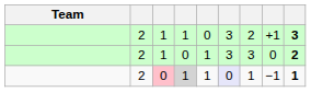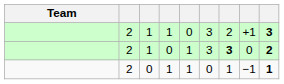 <table class="wikitable" style="text-align:center;">
 <tr>
 <th width=150>Team</th>
 <th width=20></th>
 <th width=20></th>
 <th width=20></th>
 <th width=20></th>
 <th width=20></th>
 <th width=20></th>
 <th width=20></th>
 <th width=20></th>
 </tr>
 <tr bgcolor="#ccffcc">
 <td align=left></td>
 <td>2</td>
 <td>1</td>
 <td>1</td>
 <td>0</td>
 <td>3</td>
 <td>2</td>
 <td>+1</td>
 <td><strong>3</strong></td>
 </tr>
 <tr bgcolor="#ccffcc">
 <td align=left></td>
 <td>2</td>
 <td>1</td>
 <td>0</td>
 <td>1</td>
 <td>3</td>
-<td>3</td>
+<td><strong>3</strong></td>
 <td>0</td>
 <td><strong>2</strong></td>
 </tr>
 <tr>
 <td align=left></td>
 <td>2</td>
-<td style="background: pink;">0</td>
-<td style="background: lightgrey;">1</td>
+<td>0</td>
 <td>1</td>
-<td style="background: lavender;">0</td>
+<td>1</td>
+<td>0</td>
 <td>1</td>
 <td>−1</td>
 <td><strong>1</strong></td>
 </tr>
 </table>
